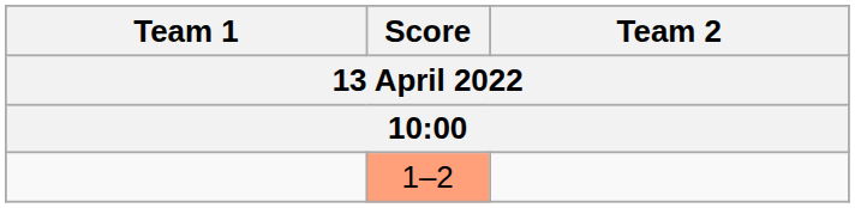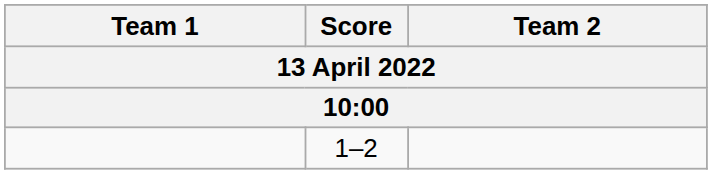 <table class="wikitable" style="text-align: center; font-size:90% ">
 <tr>
 <th align="right" width="160">Team 1</th>
 <th width="50">Score</th>
 <th align="left" width="160">Team 2</th>
 </tr>
 <tr>
 <th colspan=3>13 April 2022</th>
 </tr>
 <tr>
 <th colspan=3>10:00</th>
 </tr>
 <tr>
 <td align=right></td>
-<td align=center style="background: lightsalmon;">1–2</td>
+<td align=center>1–2</td>
 <td align=left></td>
 </tr>
 </table>
